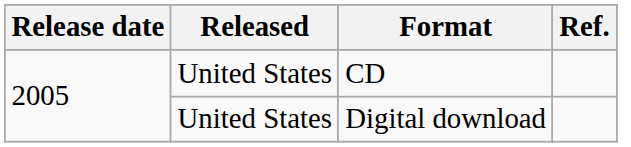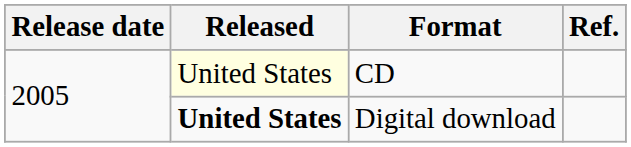 <table class="wikitable">
 <tr>
 <th>Release date</th>
 <th>Released</th>
 <th>Format</th>
 <th>Ref.</th>
 </tr>
 <tr>
 <td rowspan="2">2005</td>
-<td>United States</td>
+<td style="background: lightyellow;">United States</td>
 <td>CD</td>
 <td></td>
 </tr>
 <tr>
-<td>United States</td>
+<td><strong>United States</strong></td>
 <td>Digital download</td>
 <td></td>
 </tr>
 </table>
